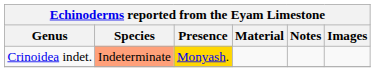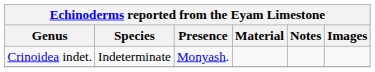 <table class="wikitable" align="center">
 <tr>
 <th colspan="6" align="center"><strong><a href='#'>Echinoderms</a> reported from the  Eyam Limestone</strong></th>
 </tr>
 <tr>
 <th>Genus</th>
 <th>Species</th>
 <th>Presence</th>
 <th><strong>Material</strong></th>
 <th>Notes</th>
 <th>Images</th>
 </tr>
 <tr>
 <td><a href='#'>Crinoidea</a> indet.</td>
-<td style="background: lightsalmon;">Indeterminate</td>
-<td style="background: gold;"><a href='#'>Monyash</a>.</td>
+<td>Indeterminate</td>
+<td><a href='#'>Monyash</a>.</td>
 <td></td>
 <td></td>
 <td></td>
 </tr>
 <tr>
 </tr>
 </table>
